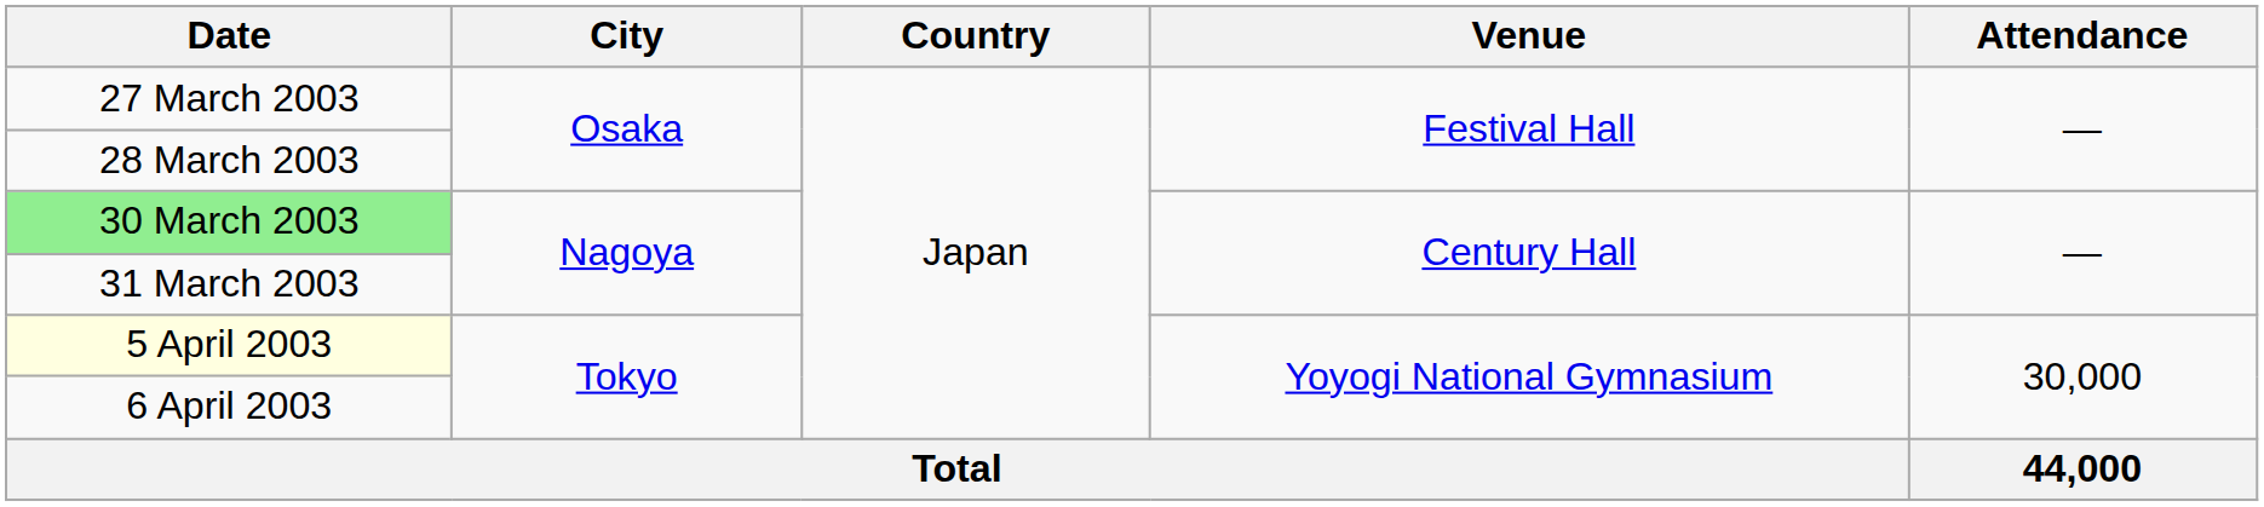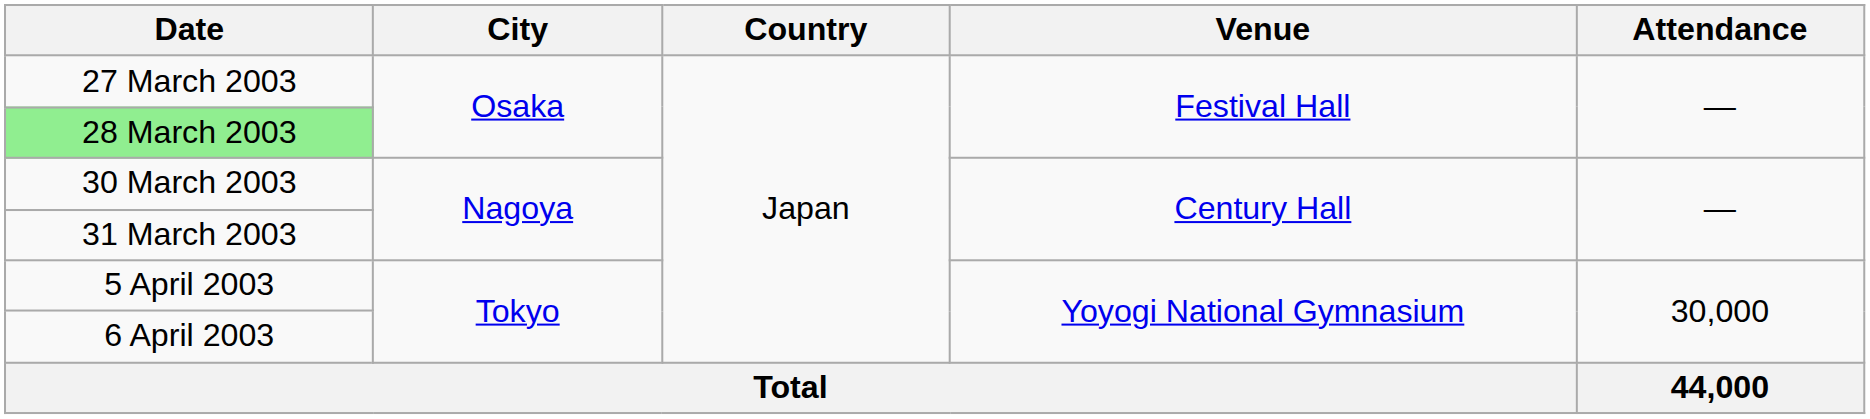 <table class="wikitable" style="text-align:center;">
 <tr>
 <th scope="col" style="width:11em;">Date</th>
 <th scope="col" style="width:8.5em;">City</th>
 <th scope="col" style="width:8.5em;">Country</th>
 <th scope="col" style="width:19em;">Venue</th>
 <th scope="col" style="width:8.5em;">Attendance</th>
 </tr>
 <tr>
 <td>27 March 2003</td>
 <td rowspan="2"><a href='#'>Osaka</a></td>
 <td rowspan="6">Japan</td>
 <td rowspan="2"><a href='#'>Festival Hall</a></td>
 <td rowspan="2">—</td>
 </tr>
 <tr>
-<td>28 March 2003</td>
+<td style="background: lightgreen;">28 March 2003</td>
 </tr>
 <tr>
-<td style="background: lightgreen;">30 March 2003</td>
+<td>30 March 2003</td>
 <td rowspan="2"><a href='#'>Nagoya</a></td>
 <td rowspan="2"><a href='#'>Century Hall</a></td>
 <td rowspan="2">—</td>
 </tr>
 <tr>
 <td>31 March 2003</td>
 </tr>
 <tr>
-<td style="background: lightyellow;">5 April 2003</td>
+<td>5 April 2003</td>
 <td rowspan="2"><a href='#'>Tokyo</a></td>
 <td rowspan="2"><a href='#'>Yoyogi National Gymnasium</a></td>
 <td rowspan="2">30,000</td>
 </tr>
 <tr>
 <td>6 April 2003</td>
 </tr>
 <tr>
 <th colspan="4">Total</th>
 <th>44,000</th>
 </tr>
 </table>
